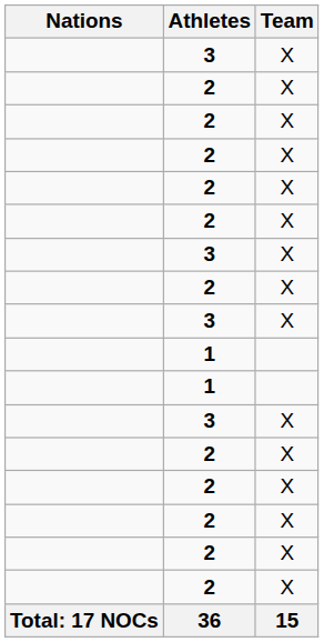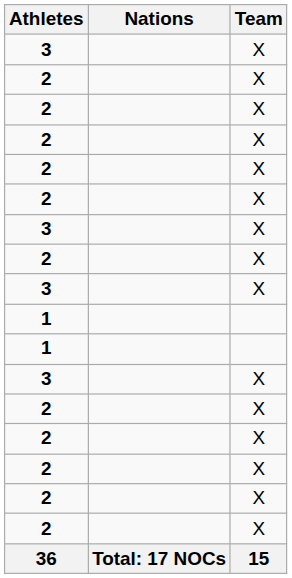 <table class="wikitable sortable" style="text-align:center;">
 <tr>
+<th>Athletes</th>
 <th>Nations</th>
-<th>Athletes</th>
 <th>Team</th>
 </tr>
 <tr>
+<td><strong>3</strong></td>
 <td align="left"></td>
-<td><strong>3</strong></td>
 <td>X</td>
 </tr>
 <tr>
+<td><strong>2</strong></td>
 <td align="left"></td>
-<td><strong>2</strong></td>
 <td>X</td>
 </tr>
 <tr>
+<td><strong>2</strong></td>
 <td align="left"></td>
-<td><strong>2</strong></td>
 <td>X</td>
 </tr>
 <tr>
+<td><strong>2</strong></td>
 <td align="left"></td>
-<td><strong>2</strong></td>
 <td>X</td>
 </tr>
 <tr>
+<td><strong>2</strong></td>
 <td align="left"></td>
-<td><strong>2</strong></td>
 <td>X</td>
 </tr>
 <tr>
+<td><strong>2</strong></td>
 <td align="left"></td>
-<td><strong>2</strong></td>
 <td>X</td>
 </tr>
 <tr>
+<td><strong>3</strong></td>
 <td align="left"></td>
-<td><strong>3</strong></td>
 <td>X</td>
 </tr>
 <tr>
+<td><strong>2</strong></td>
 <td align="left"></td>
-<td><strong>2</strong></td>
 <td>X</td>
 </tr>
 <tr>
+<td><strong>3</strong></td>
 <td align="left"></td>
-<td><strong>3</strong></td>
 <td>X</td>
 </tr>
 <tr>
+<td><strong>1</strong></td>
 <td align="left"></td>
-<td><strong>1</strong></td>
 <td></td>
 </tr>
 <tr>
+<td><strong>1</strong></td>
 <td align="left"></td>
-<td><strong>1</strong></td>
 <td></td>
 </tr>
 <tr>
+<td><strong>3</strong></td>
 <td align="left"></td>
-<td><strong>3</strong></td>
 <td>X</td>
 </tr>
 <tr>
+<td><strong>2</strong></td>
 <td align="left"></td>
-<td><strong>2</strong></td>
 <td>X</td>
 </tr>
 <tr>
+<td><strong>2</strong></td>
 <td align="left"></td>
-<td><strong>2</strong></td>
 <td>X</td>
 </tr>
 <tr>
+<td><strong>2</strong></td>
 <td align="left"></td>
-<td><strong>2</strong></td>
 <td>X</td>
 </tr>
 <tr>
+<td><strong>2</strong></td>
 <td align="left"></td>
-<td><strong>2</strong></td>
 <td>X</td>
 </tr>
 <tr>
+<td><strong>2</strong></td>
 <td align="left"></td>
-<td><strong>2</strong></td>
 <td>X</td>
 </tr>
 <tr>
+<th>36</th>
 <th>Total: 17 NOCs</th>
-<th>36</th>
 <th>15</th>
 </tr>
 </table>
